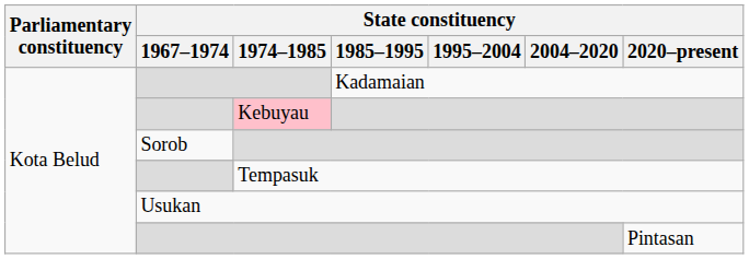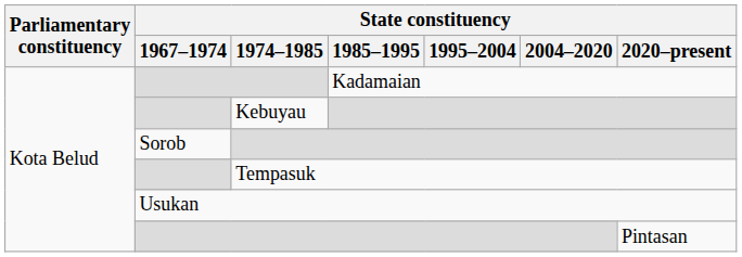 <table class=wikitable>
 <tr>
 <th rowspan=2>Parliamentary<br>constituency</th>
 <th colspan=6>State constituency</th>
 </tr>
 <tr>
 <th>1967–1974</th>
 <th>1974–1985</th>
 <th>1985–1995</th>
 <th>1995–2004</th>
 <th>2004–2020</th>
 <th>2020–present</th>
 </tr>
 <tr>
 <td rowspan=6>Kota Belud</td>
 <td colspan=2 bgcolor=dcdcdc></td>
 <td colspan=4>Kadamaian</td>
 </tr>
 <tr>
 <td bgcolor=dcdcdc></td>
-<td style="background: pink;">Kebuyau</td>
+<td>Kebuyau</td>
 <td colspan=4 bgcolor=dcdcdc></td>
 </tr>
 <tr>
 <td>Sorob</td>
 <td colspan=5 bgcolor=dcdcdc></td>
 </tr>
 <tr>
 <td bgcolor=dcdcdc></td>
 <td colspan=5>Tempasuk</td>
 </tr>
 <tr>
 <td colspan=6>Usukan</td>
 </tr>
 <tr>
 <td bgcolor=dcdcdc colspan=5></td>
 <td>Pintasan</td>
 </tr>
 </table>
